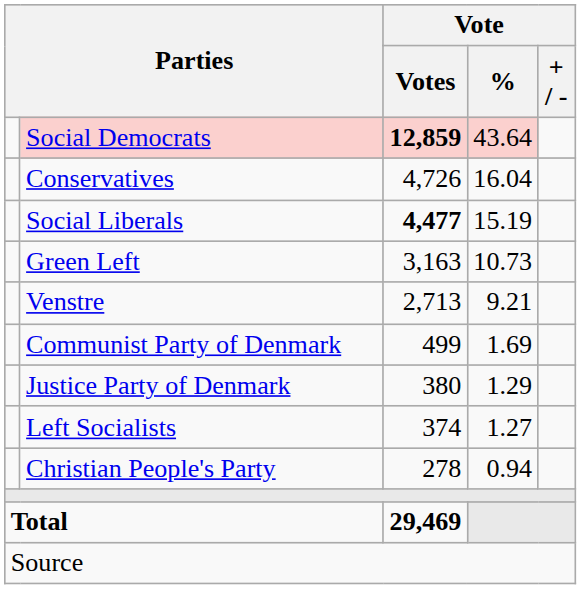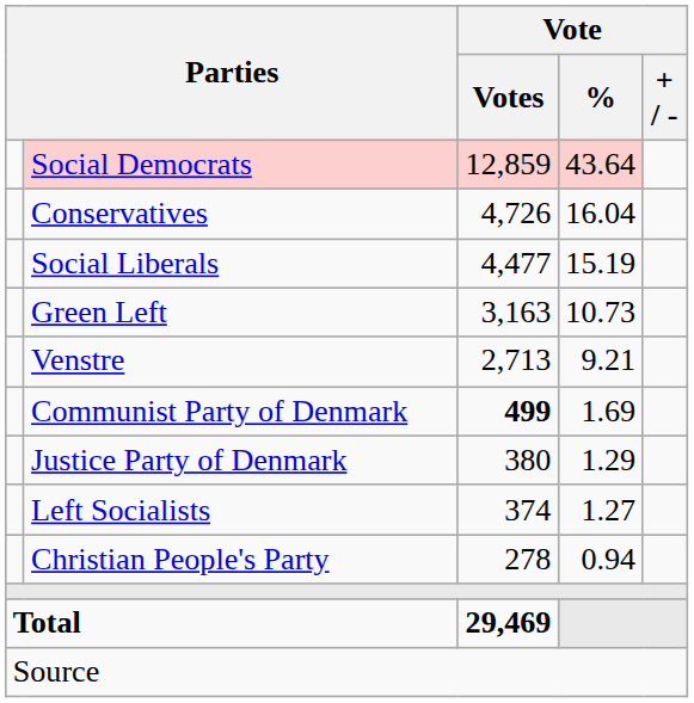 <table class="wikitable" style="text-align:right;">
 <tr>
 <th style="text-align:centre;" rowspan="2" colspan="2" width="225">Parties</th>
 <th colspan="3">Vote</th>
 </tr>
 <tr>
 <th width="15">Votes</th>
 <th width="15">%</th>
 <th width="15">+ / -</th>
 </tr>
 <tr>
 <td width="2" style="color:inherit;background:"></td>
 <td bgcolor=#fbd0ce  align="left"><a href='#'>Social Democrats</a></td>
-<td bgcolor=#fbd0ce><strong>12,859</strong></td>
+<td bgcolor=#fbd0ce>12,859</td>
 <td bgcolor=#fbd0ce>43.64</td>
 <td></td>
 </tr>
 <tr>
 <td width="2" style="color:inherit;background:"></td>
 <td align="left"><a href='#'>Conservatives</a></td>
 <td>4,726</td>
 <td>16.04</td>
 <td></td>
 </tr>
 <tr>
 <td width="2" style="color:inherit;background:"></td>
 <td align="left"><a href='#'>Social Liberals</a></td>
-<td><strong>4,477</strong></td>
+<td>4,477</td>
 <td>15.19</td>
 <td></td>
 </tr>
 <tr>
 <td width="2" style="color:inherit;background:"></td>
 <td align="left"><a href='#'>Green Left</a></td>
 <td>3,163</td>
 <td>10.73</td>
 <td></td>
 </tr>
 <tr>
 <td width="2" style="color:inherit;background:"></td>
 <td align="left"><a href='#'>Venstre</a></td>
 <td>2,713</td>
 <td>9.21</td>
 <td></td>
 </tr>
 <tr>
 <td width="2" style="color:inherit;background:"></td>
 <td align="left"><a href='#'>Communist Party of Denmark</a></td>
-<td>499</td>
+<td><strong>499</strong></td>
 <td>1.69</td>
 <td></td>
 </tr>
 <tr>
 <td width="2" style="color:inherit;background:"></td>
 <td align="left"><a href='#'>Justice Party of Denmark</a></td>
 <td>380</td>
 <td>1.29</td>
 <td></td>
 </tr>
 <tr>
 <td width="2" style="color:inherit;background:"></td>
 <td align="left"><a href='#'>Left Socialists</a></td>
 <td>374</td>
 <td>1.27</td>
 <td></td>
 </tr>
 <tr>
 <td width="2" style="color:inherit;background:"></td>
 <td align="left"><a href='#'>Christian People's Party</a></td>
 <td>278</td>
 <td>0.94</td>
 <td></td>
 </tr>
 <tr>
 <td colspan="7" bgcolor="#E9E9E9"></td>
 </tr>
 <tr>
 <td align="left" colspan="2"><strong>Total</strong></td>
 <td><strong>29,469</strong></td>
 <td bgcolor="#E9E9E9" colspan="2"></td>
 </tr>
 <tr>
 <td align="left" colspan="6">Source</td>
 </tr>
 </table>
